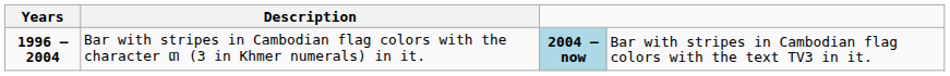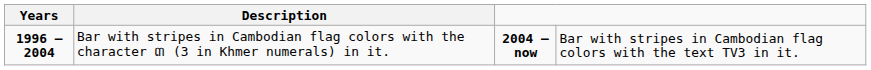 <table class="wikitable">
 <tr>
 <th>Years</th>
 <th>Description</th>
 </tr>
 <tr -->
 <td align="center"><strong>1996 – 2004</strong></td>
 <td align="left">Bar with stripes in Cambodian flag colors with the character ៣ (3 in Khmer numerals) in it.</td>
-<td align="center" style="background: lightblue;"><strong>2004 – now</strong></td>
+<td align="center"><strong>2004 – now</strong></td>
 <td align="left">Bar with stripes in Cambodian flag colors with the text TV3 in it.</td>
 </tr>
 </table>
